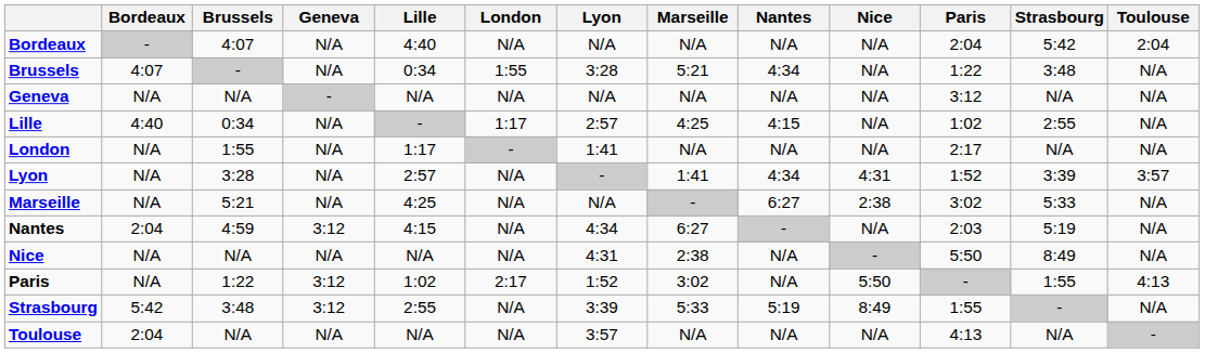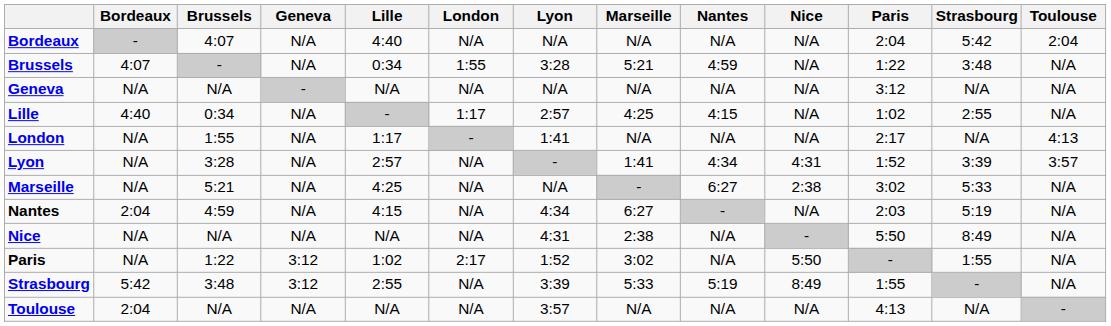 <table class="wikitable" style="text-align: center;">
 <tr>
 <th></th>
 <th style="width: 5em;">Bordeaux</th>
 <th style="width: 5em;">Brussels</th>
 <th style="width: 5em;">Geneva</th>
 <th style="width: 5em;">Lille</th>
 <th style="width: 5em;">London</th>
 <th style="width: 5em;">Lyon</th>
 <th style="width: 5em;">Marseille</th>
 <th style="width: 5em;">Nantes</th>
 <th style="width: 5em;">Nice</th>
 <th style="width: 5em;">Paris</th>
 <th style="width: 5em;">Strasbourg</th>
 <th style="width: 5em;">Toulouse</th>
 </tr>
 <tr>
 <td style="text-align: left;"><strong><a href='#'>Bordeaux</a></strong></td>
 <td style="background:#cccccc">-</td>
 <td>4:07</td>
 <td>N/A</td>
 <td>4:40</td>
 <td>N/A</td>
 <td>N/A</td>
 <td>N/A</td>
 <td>N/A</td>
 <td>N/A</td>
 <td>2:04</td>
 <td>5:42</td>
 <td>2:04</td>
 </tr>
 <tr>
 <td style="text-align: left;"><strong><a href='#'>Brussels</a></strong></td>
 <td>4:07</td>
 <td style="background:#cccccc">-</td>
 <td>N/A</td>
 <td>0:34</td>
 <td>1:55</td>
 <td>3:28</td>
 <td>5:21</td>
-<td>4:34</td>
+<td>4:59</td>
 <td>N/A</td>
 <td>1:22</td>
 <td>3:48</td>
 <td>N/A</td>
 </tr>
 <tr>
 <td style="text-align: left;"><strong><a href='#'>Geneva</a></strong></td>
 <td>N/A</td>
 <td>N/A</td>
 <td style="background:#cccccc">-</td>
 <td>N/A</td>
 <td>N/A</td>
 <td>N/A</td>
 <td>N/A</td>
 <td>N/A</td>
 <td>N/A</td>
 <td>3:12</td>
 <td>N/A</td>
 <td>N/A</td>
 </tr>
 <tr>
 <td style="text-align: left;"><strong><a href='#'>Lille</a></strong></td>
 <td>4:40</td>
 <td>0:34</td>
 <td>N/A</td>
 <td style="background:#cccccc">-</td>
 <td>1:17</td>
 <td>2:57</td>
 <td>4:25</td>
 <td>4:15</td>
 <td>N/A</td>
 <td>1:02</td>
 <td>2:55</td>
 <td>N/A</td>
 </tr>
 <tr>
 <td style="text-align: left;"><strong><a href='#'>London</a></strong></td>
 <td>N/A</td>
 <td>1:55</td>
 <td>N/A</td>
 <td>1:17</td>
 <td style="background:#cccccc">-</td>
 <td>1:41</td>
 <td>N/A</td>
 <td>N/A</td>
 <td>N/A</td>
 <td>2:17</td>
 <td>N/A</td>
-<td>N/A</td>
+<td>4:13</td>
 </tr>
 <tr>
 <td style="text-align: left;"><strong><a href='#'>Lyon</a></strong></td>
 <td>N/A</td>
 <td>3:28</td>
 <td>N/A</td>
 <td>2:57</td>
 <td>N/A</td>
 <td style="background:#cccccc">-</td>
 <td>1:41</td>
 <td>4:34</td>
 <td>4:31</td>
 <td>1:52</td>
 <td>3:39</td>
 <td>3:57</td>
 </tr>
 <tr>
 <td style="text-align: left;"><strong><a href='#'>Marseille</a></strong></td>
 <td>N/A</td>
 <td>5:21</td>
 <td>N/A</td>
 <td>4:25</td>
 <td>N/A</td>
 <td>N/A</td>
 <td style="background:#cccccc">-</td>
 <td>6:27</td>
 <td>2:38</td>
 <td>3:02</td>
 <td>5:33</td>
 <td>N/A</td>
 </tr>
 <tr>
 <td style="text-align: left;"><strong>Nantes</strong></td>
 <td>2:04</td>
 <td>4:59</td>
-<td>3:12</td>
+<td>N/A</td>
 <td>4:15</td>
 <td>N/A</td>
 <td>4:34</td>
 <td>6:27</td>
 <td style="background:#cccccc">-</td>
 <td>N/A</td>
 <td>2:03</td>
 <td>5:19</td>
 <td>N/A</td>
 </tr>
 <tr>
 <td style="text-align: left;"><strong><a href='#'>Nice</a></strong></td>
 <td>N/A</td>
 <td>N/A</td>
 <td>N/A</td>
 <td>N/A</td>
 <td>N/A</td>
 <td>4:31</td>
 <td>2:38</td>
 <td>N/A</td>
 <td style="background:#cccccc">-</td>
 <td>5:50</td>
 <td>8:49</td>
 <td>N/A</td>
 </tr>
 <tr>
 <td style="text-align: left;"><strong>Paris</strong></td>
 <td>N/A</td>
 <td>1:22</td>
 <td>3:12</td>
 <td>1:02</td>
 <td>2:17</td>
 <td>1:52</td>
 <td>3:02</td>
 <td>N/A</td>
 <td>5:50</td>
 <td style="background:#cccccc">-</td>
 <td>1:55</td>
-<td>4:13</td>
+<td>N/A</td>
 </tr>
 <tr>
 <td style="text-align: left;"><strong><a href='#'>Strasbourg</a></strong></td>
 <td>5:42</td>
 <td>3:48</td>
 <td>3:12</td>
 <td>2:55</td>
 <td>N/A</td>
 <td>3:39</td>
 <td>5:33</td>
 <td>5:19</td>
 <td>8:49</td>
 <td>1:55</td>
 <td style="background:#cccccc">-</td>
 <td>N/A</td>
 </tr>
 <tr>
 <td style="text-align: left;"><strong><a href='#'>Toulouse</a></strong></td>
 <td>2:04</td>
 <td>N/A</td>
 <td>N/A</td>
 <td>N/A</td>
 <td>N/A</td>
 <td>3:57</td>
 <td>N/A</td>
 <td>N/A</td>
 <td>N/A</td>
 <td>4:13</td>
 <td>N/A</td>
 <td style="background:#cccccc">-</td>
 </tr>
 </table>
